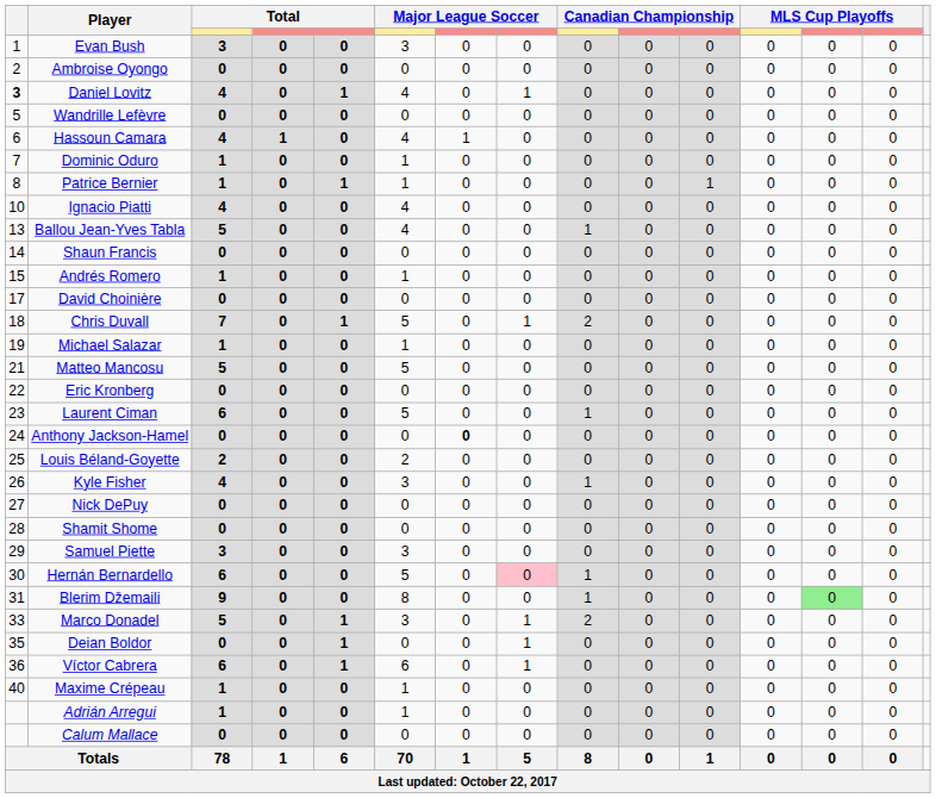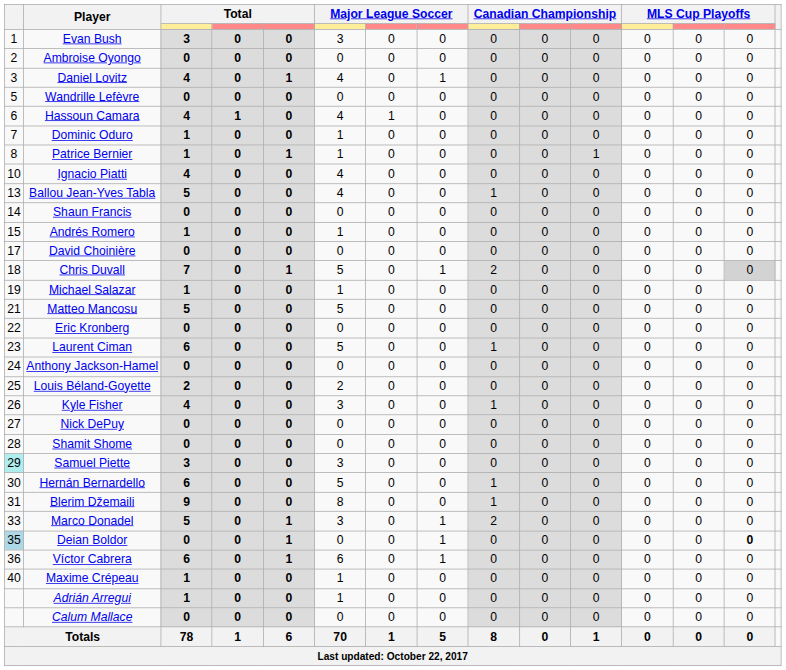 <table class="wikitable" style="text-align:center;">
 <tr style="text-align:center;">
 <th rowspan="2"></th>
 <th rowspan="2">Player</th>
 <th colspan="3">Total</th>
 <th colspan="3"><a href='#'>Major League Soccer</a></th>
 <th colspan="3"><a href='#'>Canadian Championship</a></th>
 <th colspan="3"><a href='#'>MLS Cup Playoffs</a></th>
 <th rowspan="2"></th>
 </tr>
 <tr>
 <th style="width:60px; background:#fe9;"></th>
 <th style="width:60px; background:#ff8888;"></th>
 <th style="width:60px; background:#ff8888;"></th>
 <th style="width:60px; background:#fe9;"></th>
 <th style="width:60px; background:#ff8888;"></th>
 <th style="width:60px; background:#ff8888;"></th>
 <th style="width:60px; background:#fe9;"></th>
 <th style="width:60px; background:#ff8888;"></th>
 <th style="width:60px; background:#ff8888;"></th>
 <th style="width:60px; background:#fe9;"></th>
 <th style="width:60px; background:#ff8888;"></th>
 <th style="width:60px; background:#ff8888;"></th>
 </tr>
 <tr>
 <td>1</td>
 <td><a href='#'>Evan Bush</a></td>
 <td style="background:#DCDCDC"><strong>3</strong> </td>
 <td style="background:#DCDCDC"><strong>0</strong> </td>
 <td style="background:#DCDCDC"><strong>0</strong> </td>
 <td>3 </td>
 <td>0 </td>
 <td>0 </td>
 <td style="background:#DCDCDC">0 </td>
 <td style="background:#DCDCDC">0 </td>
 <td style="background:#DCDCDC">0 </td>
 <td>0 </td>
 <td>0 </td>
 <td>0 </td>
 <td></td>
 </tr>
 <tr>
 <td>2</td>
 <td><a href='#'>Ambroise Oyongo</a></td>
 <td style="background:#DCDCDC"><strong>0</strong> </td>
 <td style="background:#DCDCDC"><strong>0</strong> </td>
 <td style="background:#DCDCDC"><strong>0</strong> </td>
 <td>0 </td>
 <td>0 </td>
 <td>0 </td>
 <td style="background:#DCDCDC">0 </td>
 <td style="background:#DCDCDC">0 </td>
 <td style="background:#DCDCDC">0 </td>
 <td>0 </td>
 <td>0 </td>
 <td>0 </td>
 <td></td>
 </tr>
 <tr>
-<td><strong>3</strong></td>
+<td>3</td>
 <td><a href='#'>Daniel Lovitz</a></td>
 <td style="background:#DCDCDC"><strong>4</strong> </td>
 <td style="background:#DCDCDC"><strong>0</strong> </td>
 <td style="background:#DCDCDC"><strong>1</strong> </td>
 <td>4 </td>
 <td>0 </td>
 <td>1 </td>
 <td style="background:#DCDCDC">0 </td>
 <td style="background:#DCDCDC">0 </td>
 <td style="background:#DCDCDC">0 </td>
 <td>0 </td>
 <td>0 </td>
 <td>0 </td>
 <td></td>
 </tr>
 <tr>
 <td>5</td>
 <td><a href='#'>Wandrille Lefèvre</a></td>
 <td style="background:#DCDCDC"><strong>0</strong> </td>
 <td style="background:#DCDCDC"><strong>0</strong> </td>
 <td style="background:#DCDCDC"><strong>0</strong> </td>
 <td>0 </td>
 <td>0 </td>
 <td>0 </td>
 <td style="background:#DCDCDC">0 </td>
 <td style="background:#DCDCDC">0 </td>
 <td style="background:#DCDCDC">0 </td>
 <td>0 </td>
 <td>0 </td>
 <td>0 </td>
 <td></td>
 </tr>
 <tr>
 <td>6</td>
 <td><a href='#'>Hassoun Camara</a></td>
 <td style="background:#DCDCDC"><strong>4</strong> </td>
 <td style="background:#DCDCDC"><strong>1</strong> </td>
 <td style="background:#DCDCDC"><strong>0</strong> </td>
 <td>4 </td>
 <td>1 </td>
 <td>0 </td>
 <td style="background:#DCDCDC">0 </td>
 <td style="background:#DCDCDC">0 </td>
 <td style="background:#DCDCDC">0 </td>
 <td>0 </td>
 <td>0 </td>
 <td>0 </td>
 <td></td>
 </tr>
 <tr>
 <td>7</td>
 <td><a href='#'>Dominic Oduro</a></td>
 <td style="background:#DCDCDC"><strong>1</strong> </td>
 <td style="background:#DCDCDC"><strong>0</strong> </td>
 <td style="background:#DCDCDC"><strong>0</strong> </td>
 <td>1 </td>
 <td>0 </td>
 <td>0 </td>
 <td style="background:#DCDCDC">0 </td>
 <td style="background:#DCDCDC">0 </td>
 <td style="background:#DCDCDC">0 </td>
 <td>0 </td>
 <td>0 </td>
 <td>0 </td>
 <td></td>
 </tr>
 <tr>
 <td>8</td>
 <td><a href='#'>Patrice Bernier</a></td>
 <td style="background:#DCDCDC"><strong>1</strong> </td>
 <td style="background:#DCDCDC"><strong>0</strong> </td>
 <td style="background:#DCDCDC"><strong>1</strong> </td>
 <td>1 </td>
 <td>0 </td>
 <td>0 </td>
 <td style="background:#DCDCDC">0 </td>
 <td style="background:#DCDCDC">0 </td>
 <td style="background:#DCDCDC">1 </td>
 <td>0 </td>
 <td>0 </td>
 <td>0 </td>
 <td></td>
 </tr>
 <tr>
 <td>10</td>
 <td><a href='#'>Ignacio Piatti</a></td>
 <td style="background:#DCDCDC"><strong>4</strong> </td>
 <td style="background:#DCDCDC"><strong>0</strong> </td>
 <td style="background:#DCDCDC"><strong>0</strong> </td>
 <td>4 </td>
 <td>0 </td>
 <td>0 </td>
 <td style="background:#DCDCDC">0 </td>
 <td style="background:#DCDCDC">0 </td>
 <td style="background:#DCDCDC">0 </td>
 <td>0 </td>
 <td>0 </td>
 <td>0 </td>
 <td></td>
 </tr>
 <tr>
 <td>13</td>
 <td><a href='#'>Ballou Jean-Yves Tabla</a></td>
 <td style="background:#DCDCDC"><strong>5</strong> </td>
 <td style="background:#DCDCDC"><strong>0</strong> </td>
 <td style="background:#DCDCDC"><strong>0</strong> </td>
 <td>4 </td>
 <td>0 </td>
 <td>0 </td>
 <td style="background:#DCDCDC">1 </td>
 <td style="background:#DCDCDC">0 </td>
 <td style="background:#DCDCDC">0 </td>
 <td>0 </td>
 <td>0 </td>
 <td>0 </td>
 <td></td>
 </tr>
 <tr>
 <td>14</td>
 <td><a href='#'>Shaun Francis</a></td>
 <td style="background:#DCDCDC"><strong>0</strong> </td>
 <td style="background:#DCDCDC"><strong>0</strong> </td>
 <td style="background:#DCDCDC"><strong>0</strong> </td>
 <td>0 </td>
 <td>0 </td>
 <td>0 </td>
 <td style="background:#DCDCDC">0 </td>
 <td style="background:#DCDCDC">0 </td>
 <td style="background:#DCDCDC">0 </td>
 <td>0 </td>
 <td>0 </td>
 <td>0 </td>
 <td></td>
 </tr>
 <tr>
 <td>15</td>
 <td><a href='#'>Andrés Romero</a></td>
 <td style="background:#DCDCDC"><strong>1</strong> </td>
 <td style="background:#DCDCDC"><strong>0</strong> </td>
 <td style="background:#DCDCDC"><strong>0</strong> </td>
 <td>1 </td>
 <td>0 </td>
 <td>0 </td>
 <td style="background:#DCDCDC">0 </td>
 <td style="background:#DCDCDC">0 </td>
 <td style="background:#DCDCDC">0 </td>
 <td>0 </td>
 <td>0 </td>
 <td>0 </td>
 <td></td>
 </tr>
 <tr>
 <td>17</td>
 <td><a href='#'>David Choinière</a></td>
 <td style="background:#DCDCDC"><strong>0</strong> </td>
 <td style="background:#DCDCDC"><strong>0</strong> </td>
 <td style="background:#DCDCDC"><strong>0</strong> </td>
 <td>0 </td>
 <td>0 </td>
 <td>0 </td>
 <td style="background:#DCDCDC">0 </td>
 <td style="background:#DCDCDC">0 </td>
 <td style="background:#DCDCDC">0 </td>
 <td>0 </td>
 <td>0 </td>
 <td>0 </td>
 <td></td>
 </tr>
 <tr>
 <td>18</td>
 <td><a href='#'>Chris Duvall</a></td>
 <td style="background:#DCDCDC"><strong>7</strong> </td>
 <td style="background:#DCDCDC"><strong>0</strong> </td>
 <td style="background:#DCDCDC"><strong>1</strong> </td>
 <td>5 </td>
 <td>0 </td>
 <td>1 </td>
 <td style="background:#DCDCDC">2 </td>
 <td style="background:#DCDCDC">0 </td>
 <td style="background:#DCDCDC">0 </td>
 <td>0 </td>
 <td>0 </td>
-<td>0 </td>
+<td style="background: lightgrey;">0 </td>
 <td></td>
 </tr>
 <tr>
 <td>19</td>
 <td><a href='#'>Michael Salazar</a></td>
 <td style="background:#DCDCDC"><strong>1</strong> </td>
 <td style="background:#DCDCDC"><strong>0</strong> </td>
 <td style="background:#DCDCDC"><strong>0</strong> </td>
 <td>1 </td>
 <td>0 </td>
 <td>0 </td>
 <td style="background:#DCDCDC">0 </td>
 <td style="background:#DCDCDC">0 </td>
 <td style="background:#DCDCDC">0 </td>
 <td>0 </td>
 <td>0 </td>
 <td>0 </td>
 <td></td>
 </tr>
 <tr>
 <td>21</td>
 <td><a href='#'>Matteo Mancosu</a></td>
 <td style="background:#DCDCDC"><strong>5</strong> </td>
 <td style="background:#DCDCDC"><strong>0</strong> </td>
 <td style="background:#DCDCDC"><strong>0</strong> </td>
 <td>5 </td>
 <td>0 </td>
 <td>0 </td>
 <td style="background:#DCDCDC">0 </td>
 <td style="background:#DCDCDC">0 </td>
 <td style="background:#DCDCDC">0 </td>
 <td>0 </td>
 <td>0 </td>
 <td>0 </td>
 <td></td>
 </tr>
 <tr>
 <td>22</td>
 <td><a href='#'>Eric Kronberg</a></td>
 <td style="background:#DCDCDC"><strong>0</strong> </td>
 <td style="background:#DCDCDC"><strong>0</strong> </td>
 <td style="background:#DCDCDC"><strong>0</strong> </td>
 <td>0 </td>
 <td>0 </td>
 <td>0 </td>
 <td style="background:#DCDCDC">0 </td>
 <td style="background:#DCDCDC">0 </td>
 <td style="background:#DCDCDC">0 </td>
 <td>0 </td>
 <td>0 </td>
 <td>0 </td>
 <td></td>
 </tr>
 <tr>
 <td>23</td>
 <td><a href='#'>Laurent Ciman</a></td>
 <td style="background:#DCDCDC"><strong>6</strong> </td>
 <td style="background:#DCDCDC"><strong>0</strong> </td>
 <td style="background:#DCDCDC"><strong>0</strong> </td>
 <td>5 </td>
 <td>0 </td>
 <td>0 </td>
 <td style="background:#DCDCDC">1 </td>
 <td style="background:#DCDCDC">0 </td>
 <td style="background:#DCDCDC">0 </td>
 <td>0 </td>
 <td>0 </td>
 <td>0 </td>
 <td></td>
 </tr>
 <tr>
 <td>24</td>
 <td><a href='#'>Anthony Jackson-Hamel</a></td>
 <td style="background:#DCDCDC"><strong>0</strong> </td>
 <td style="background:#DCDCDC"><strong>0</strong> </td>
 <td style="background:#DCDCDC"><strong>0</strong> </td>
 <td>0 </td>
-<td><strong>0 </strong></td>
+<td>0 </td>
 <td>0 </td>
 <td style="background:#DCDCDC">0 </td>
 <td style="background:#DCDCDC">0 </td>
 <td style="background:#DCDCDC">0 </td>
 <td>0 </td>
 <td>0 </td>
 <td>0 </td>
 <td></td>
 </tr>
 <tr>
 <td>25</td>
 <td><a href='#'>Louis Béland-Goyette</a></td>
 <td style="background:#DCDCDC"><strong>2</strong> </td>
 <td style="background:#DCDCDC"><strong>0</strong> </td>
 <td style="background:#DCDCDC"><strong>0</strong> </td>
 <td>2 </td>
 <td>0 </td>
 <td>0 </td>
 <td style="background:#DCDCDC">0 </td>
 <td style="background:#DCDCDC">0 </td>
 <td style="background:#DCDCDC">0 </td>
 <td>0 </td>
 <td>0 </td>
 <td>0 </td>
 <td></td>
 </tr>
 <tr>
 <td>26</td>
 <td><a href='#'>Kyle Fisher</a></td>
 <td style="background:#DCDCDC"><strong>4</strong> </td>
 <td style="background:#DCDCDC"><strong>0</strong> </td>
 <td style="background:#DCDCDC"><strong>0</strong> </td>
 <td>3 </td>
 <td>0 </td>
 <td>0 </td>
 <td style="background:#DCDCDC">1 </td>
 <td style="background:#DCDCDC">0 </td>
 <td style="background:#DCDCDC">0 </td>
 <td>0 </td>
 <td>0 </td>
 <td>0 </td>
 <td></td>
 </tr>
 <tr>
 <td>27</td>
 <td><a href='#'>Nick DePuy</a></td>
 <td style="background:#DCDCDC"><strong>0</strong> </td>
 <td style="background:#DCDCDC"><strong>0</strong> </td>
 <td style="background:#DCDCDC"><strong>0</strong> </td>
 <td>0 </td>
 <td>0 </td>
 <td>0 </td>
 <td style="background:#DCDCDC">0 </td>
 <td style="background:#DCDCDC">0 </td>
 <td style="background:#DCDCDC">0 </td>
 <td>0 </td>
 <td>0 </td>
 <td>0 </td>
 <td></td>
 </tr>
 <tr>
 <td>28</td>
 <td><a href='#'>Shamit Shome</a></td>
 <td style="background:#DCDCDC"><strong>0</strong> </td>
 <td style="background:#DCDCDC"><strong>0</strong> </td>
 <td style="background:#DCDCDC"><strong>0</strong> </td>
 <td>0 </td>
 <td>0 </td>
 <td>0 </td>
 <td style="background:#DCDCDC">0 </td>
 <td style="background:#DCDCDC">0 </td>
 <td style="background:#DCDCDC">0 </td>
 <td>0 </td>
 <td>0 </td>
 <td>0 </td>
 <td></td>
 </tr>
 <tr>
-<td>29</td>
+<td style="background: paleturquoise;">29</td>
 <td><a href='#'>Samuel Piette</a></td>
 <td style="background:#DCDCDC"><strong>3</strong> </td>
 <td style="background:#DCDCDC"><strong>0</strong> </td>
 <td style="background:#DCDCDC"><strong>0</strong> </td>
 <td>3 </td>
 <td>0 </td>
 <td>0 </td>
 <td style="background:#DCDCDC">0 </td>
 <td style="background:#DCDCDC">0 </td>
 <td style="background:#DCDCDC">0 </td>
 <td>0 </td>
 <td>0 </td>
 <td>0 </td>
 <td></td>
 </tr>
 <tr>
 <td>30</td>
 <td><a href='#'>Hernán Bernardello</a></td>
 <td style="background:#DCDCDC"><strong>6</strong> </td>
 <td style="background:#DCDCDC"><strong>0</strong> </td>
 <td style="background:#DCDCDC"><strong>0</strong> </td>
 <td>5 </td>
 <td>0 </td>
-<td style="background: pink;">0 </td>
+<td>0 </td>
 <td style="background:#DCDCDC">1 </td>
 <td style="background:#DCDCDC">0 </td>
 <td style="background:#DCDCDC">0 </td>
 <td>0 </td>
 <td>0 </td>
 <td>0 </td>
 <td></td>
 </tr>
 <tr>
 <td>31</td>
 <td><a href='#'>Blerim Džemaili</a></td>
 <td style="background:#DCDCDC"><strong>9</strong> </td>
 <td style="background:#DCDCDC"><strong>0</strong> </td>
 <td style="background:#DCDCDC"><strong>0</strong> </td>
 <td>8 </td>
 <td>0 </td>
 <td>0 </td>
 <td style="background:#DCDCDC">1 </td>
 <td style="background:#DCDCDC">0 </td>
 <td style="background:#DCDCDC">0 </td>
 <td>0 </td>
-<td style="background: lightgreen;">0 </td>
+<td>0 </td>
 <td>0 </td>
 <td></td>
 </tr>
 <tr>
 <td>33</td>
 <td><a href='#'>Marco Donadel</a></td>
 <td style="background:#DCDCDC"><strong>5</strong> </td>
 <td style="background:#DCDCDC"><strong>0</strong> </td>
 <td style="background:#DCDCDC"><strong>1</strong> </td>
 <td>3 </td>
 <td>0 </td>
 <td>1 </td>
 <td style="background:#DCDCDC">2 </td>
 <td style="background:#DCDCDC">0 </td>
 <td style="background:#DCDCDC">0 </td>
 <td>0 </td>
 <td>0 </td>
 <td>0 </td>
 <td></td>
 </tr>
 <tr>
-<td>35</td>
+<td style="background: lightblue;">35</td>
 <td><a href='#'>Deian Boldor</a></td>
 <td style="background:#DCDCDC"><strong>0</strong> </td>
 <td style="background:#DCDCDC"><strong>0</strong> </td>
 <td style="background:#DCDCDC"><strong>1</strong> </td>
 <td>0 </td>
 <td>0 </td>
 <td>1 </td>
 <td style="background:#DCDCDC">0 </td>
 <td style="background:#DCDCDC">0 </td>
 <td style="background:#DCDCDC">0 </td>
 <td>0 </td>
 <td>0 </td>
-<td>0 </td>
+<td><strong>0 </strong></td>
 <td></td>
 </tr>
 <tr>
 <td>36</td>
 <td><a href='#'>Víctor Cabrera</a></td>
 <td style="background:#DCDCDC"><strong>6</strong> </td>
 <td style="background:#DCDCDC"><strong>0</strong> </td>
 <td style="background:#DCDCDC"><strong>1</strong> </td>
 <td>6 </td>
 <td>0 </td>
 <td>1 </td>
 <td style="background:#DCDCDC">0 </td>
 <td style="background:#DCDCDC">0 </td>
 <td style="background:#DCDCDC">0 </td>
 <td>0 </td>
 <td>0 </td>
 <td>0 </td>
 <td></td>
 </tr>
 <tr>
 <td>40</td>
 <td><a href='#'>Maxime Crépeau</a></td>
 <td style="background:#DCDCDC"><strong>1</strong> </td>
 <td style="background:#DCDCDC"><strong>0</strong> </td>
 <td style="background:#DCDCDC"><strong>0</strong> </td>
 <td>1 </td>
 <td>0 </td>
 <td>0 </td>
 <td style="background:#DCDCDC">0 </td>
 <td style="background:#DCDCDC">0 </td>
 <td style="background:#DCDCDC">0 </td>
 <td>0 </td>
 <td>0 </td>
 <td>0 </td>
 <td></td>
 </tr>
 <tr>
 <td></td>
 <td><em><a href='#'>Adrián Arregui</a></em></td>
 <td style="background:#DCDCDC"><strong>1</strong> </td>
 <td style="background:#DCDCDC"><strong>0</strong> </td>
 <td style="background:#DCDCDC"><strong>0</strong> </td>
 <td>1 </td>
 <td>0 </td>
 <td>0 </td>
 <td style="background:#DCDCDC">0 </td>
 <td style="background:#DCDCDC">0 </td>
 <td style="background:#DCDCDC">0 </td>
 <td>0 </td>
 <td>0 </td>
 <td>0 </td>
 <td></td>
 </tr>
 <tr>
 <td></td>
 <td><em><a href='#'>Calum Mallace</a></em></td>
 <td style="background:#DCDCDC"><strong>0</strong> </td>
 <td style="background:#DCDCDC"><strong>0</strong> </td>
 <td style="background:#DCDCDC"><strong>0</strong> </td>
 <td>0 </td>
 <td>0 </td>
 <td>0 </td>
 <td style="background:#DCDCDC">0 </td>
 <td style="background:#DCDCDC">0 </td>
 <td style="background:#DCDCDC">0 </td>
 <td>0 </td>
 <td>0 </td>
 <td>0 </td>
 <td></td>
 </tr>
 <tr>
 <th colspan="2">Totals</th>
 <th>78 </th>
 <th>1 </th>
 <th>6 </th>
 <th>70 </th>
 <th>1 </th>
 <th>5 </th>
 <th>8 </th>
 <th>0 </th>
 <th>1 </th>
 <th>0 </th>
 <th>0 </th>
 <th>0 </th>
 <td></td>
 </tr>
 <tr>
 <th colspan="20"><small>Last updated: October 22, 2017</small></th>
 </tr>
 </table>
